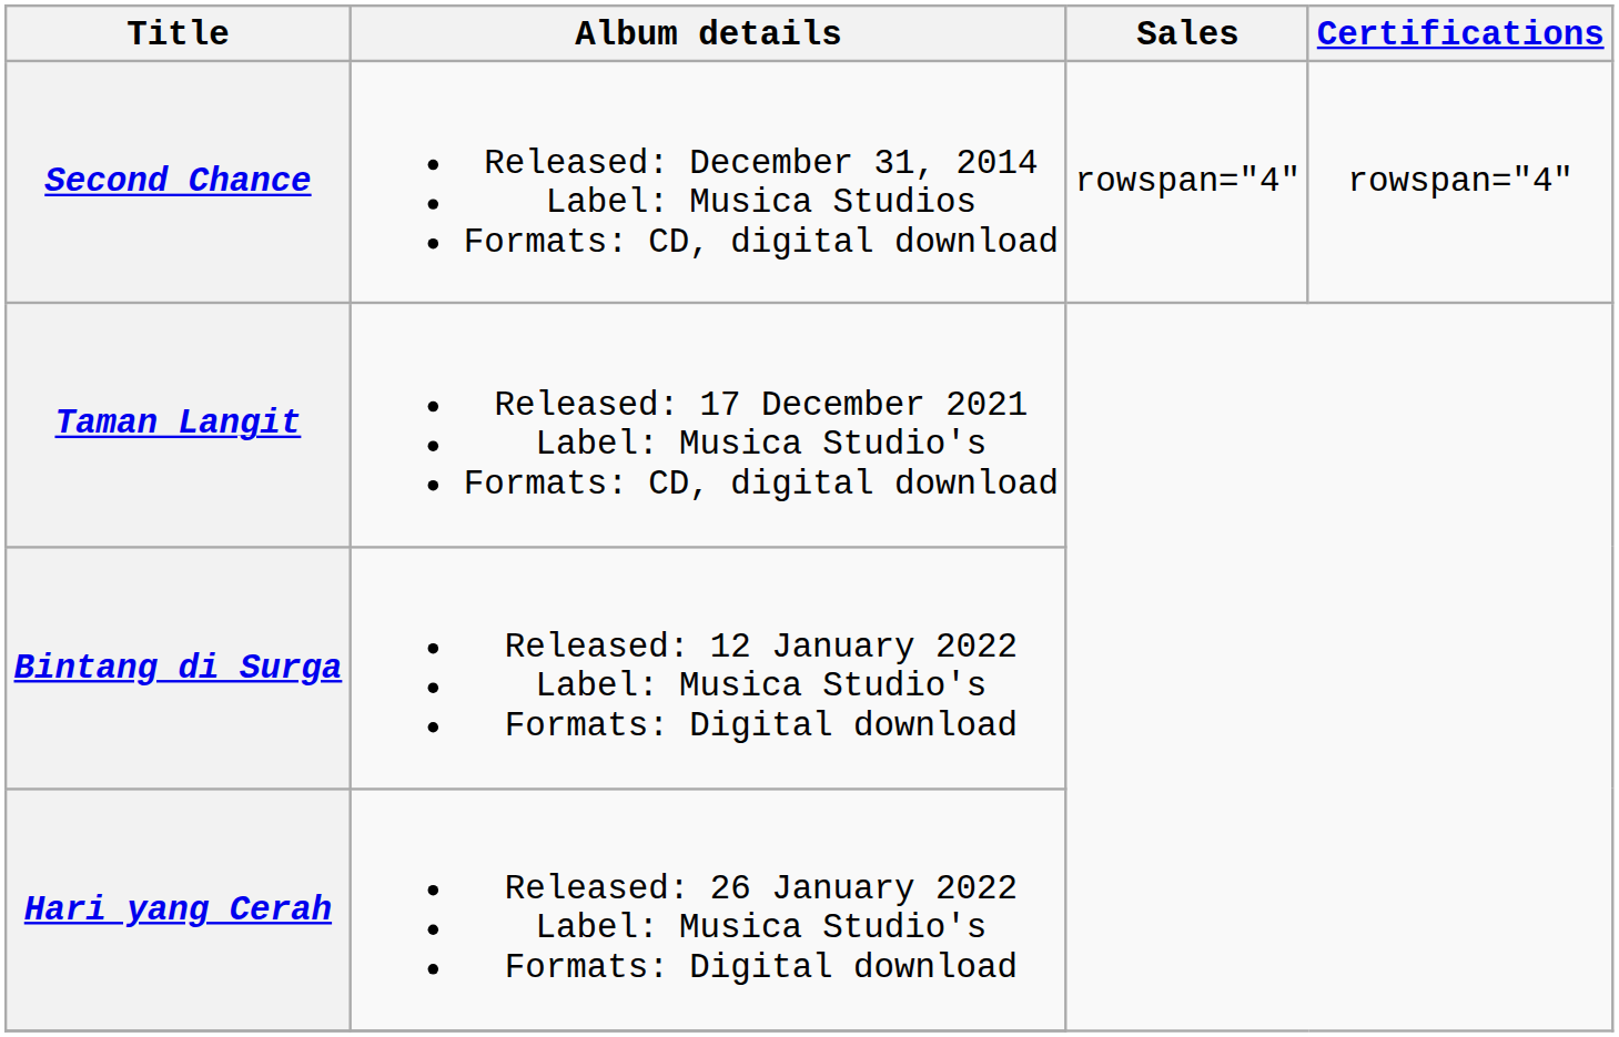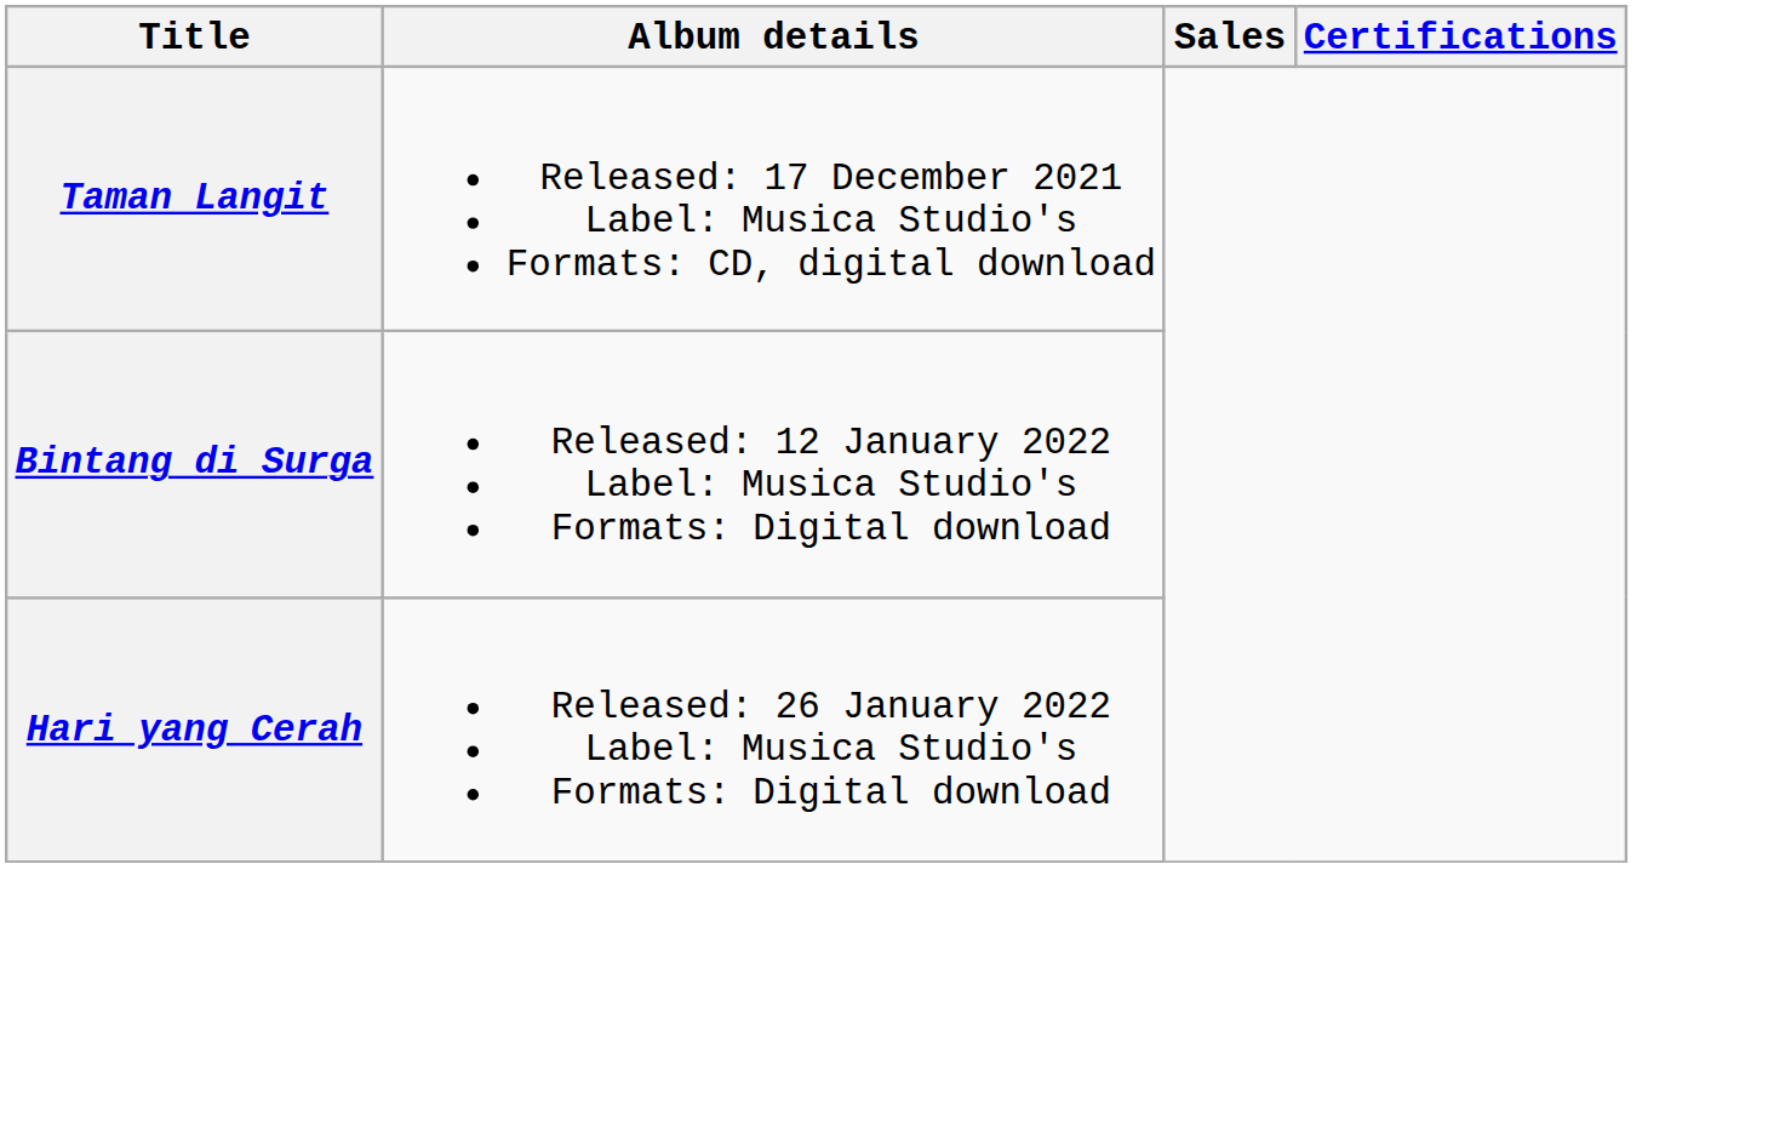 <table class="wikitable plainrowheaders" style="text-align:center;">
 <tr>
 <th scope="col">Title</th>
 <th scope="col">Album details</th>
 <th scope="col">Sales</th>
 <th scope="col"><a href='#'>Certifications</a></th>
-</tr>
-<tr>
-<th scope="row"><em><a href='#'>Second Chance</a></em></th>
-<td><br><ul><li>Released: December 31, 2014</li><li>Label: Musica Studios</li><li>Formats: CD, digital download</li></ul></td>
-<td>rowspan="4" </td>
-<td>rowspan="4" </td>
 </tr>
 <tr>
 <th scope="row"><em><a href='#'>Taman Langit</a></em></th>
 <td><br><ul><li>Released: 17 December 2021</li><li>Label: Musica Studio's</li><li>Formats: CD, digital download</li></ul></td>
 </tr>
 <tr>
 <th scope="row"><em><a href='#'>Bintang di Surga</a></em></th>
 <td><br><ul><li>Released: 12 January 2022</li><li>Label: Musica Studio's</li><li>Formats: Digital download</li></ul></td>
 </tr>
 <tr>
 <th scope="row"><em><a href='#'>Hari yang Cerah</a></em></th>
 <td><br><ul><li>Released: 26 January 2022</li><li>Label: Musica Studio's</li><li>Formats: Digital download</li></ul></td>
 </tr>
 <tr>
 </tr>
 </table>
